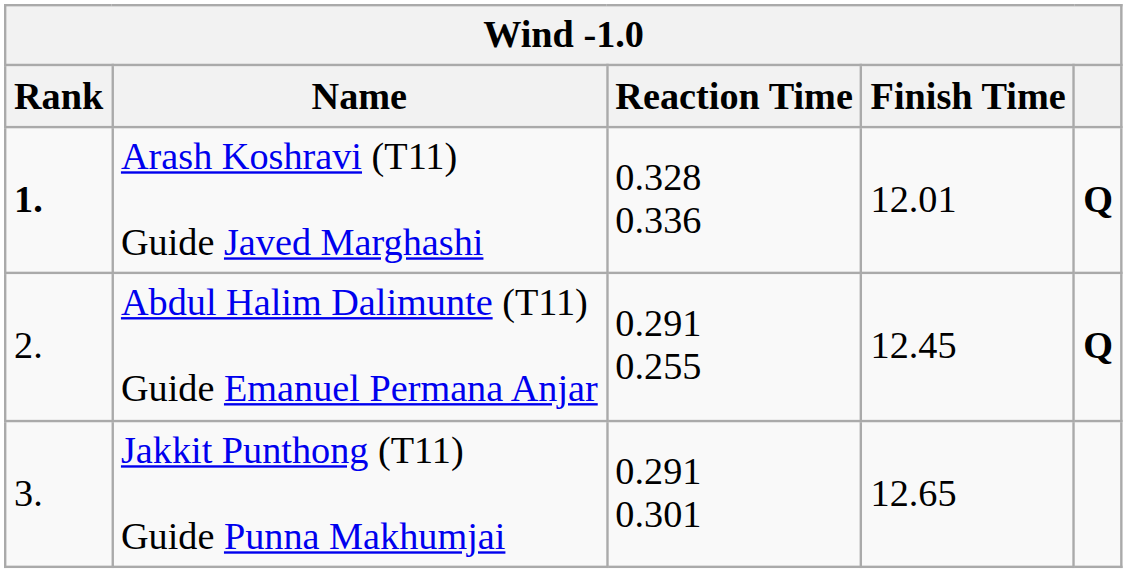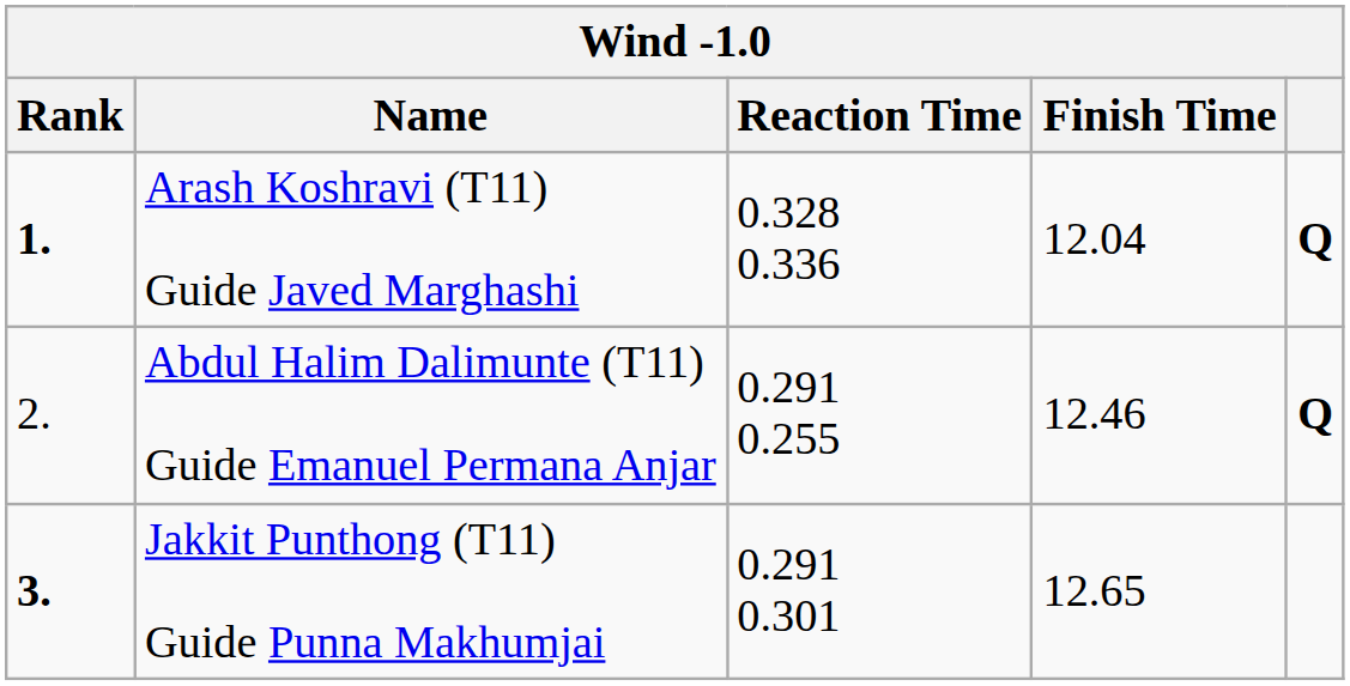 <table class="wikitable">
 <tr>
 <th colspan="5">Wind -1.0</th>
 </tr>
 <tr>
 <th>Rank</th>
 <th>Name</th>
 <th>Reaction Time</th>
 <th>Finish Time</th>
 <th></th>
 </tr>
 <tr>
 <td><strong>1.</strong></td>
 <td><a href='#'>Arash Koshravi</a> (T11)<br><br>Guide <a href='#'>Javed Marghashi</a> <br></td>
 <td>0.328<br>0.336</td>
-<td>12.01</td>
+<td>12.04</td>
 <td><strong>Q</strong></td>
 </tr>
 <tr>
 <td>2.</td>
 <td><a href='#'>Abdul Halim Dalimunte</a> (T11)<br><br> Guide <a href='#'>Emanuel Permana Anjar</a> <br> </td>
 <td>0.291<br>0.255</td>
-<td>12.45</td>
+<td>12.46</td>
 <td><strong>Q</strong></td>
 </tr>
 <tr>
-<td>3.</td>
+<td><strong>3.</strong></td>
 <td><a href='#'>Jakkit Punthong</a> (T11)<br><br>Guide <a href='#'>Punna Makhumjai</a> <br></td>
 <td>0.291<br>0.301</td>
 <td>12.65</td>
 <td></td>
 </tr>
 </table>
